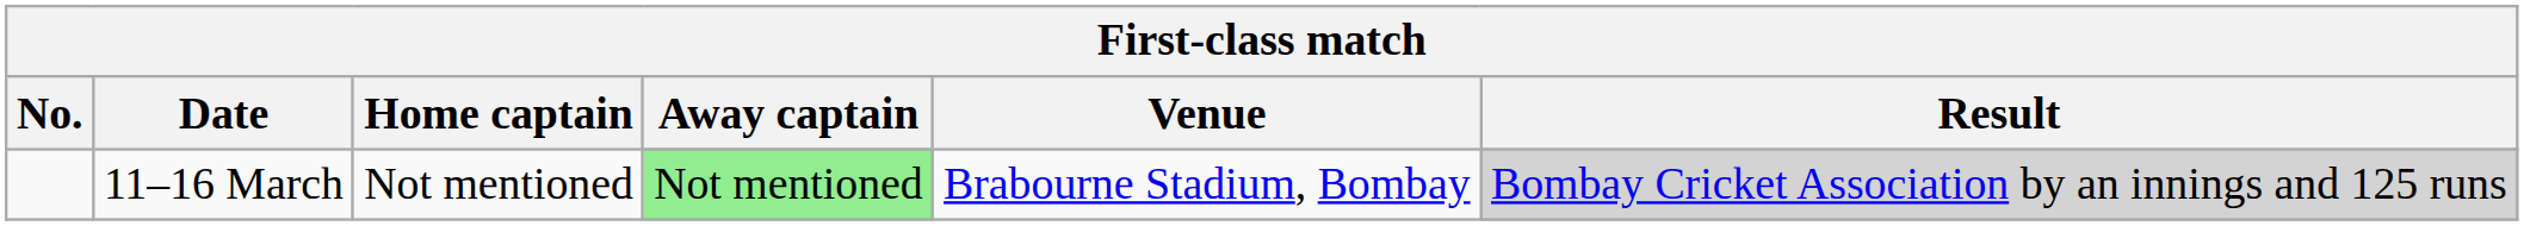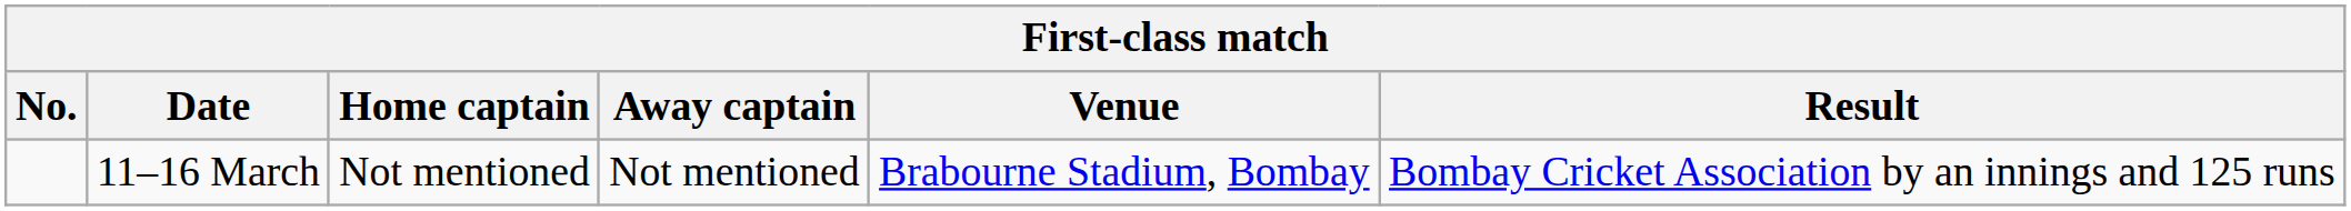 <table class="wikitable">
 <tr>
 <th colspan="9">First-class match</th>
 </tr>
 <tr>
 <th>No.</th>
 <th>Date</th>
 <th>Home captain</th>
 <th>Away captain</th>
 <th>Venue</th>
 <th>Result</th>
 </tr>
 <tr>
 <td></td>
 <td>11–16 March</td>
 <td>Not mentioned</td>
-<td style="background: lightgreen;">Not mentioned</td>
+<td>Not mentioned</td>
 <td><a href='#'>Brabourne Stadium</a>, <a href='#'>Bombay</a></td>
-<td style="background: lightgrey;"><a href='#'>Bombay Cricket Association</a> by an innings and 125 runs</td>
+<td><a href='#'>Bombay Cricket Association</a> by an innings and 125 runs</td>
 </tr>
 </table>
